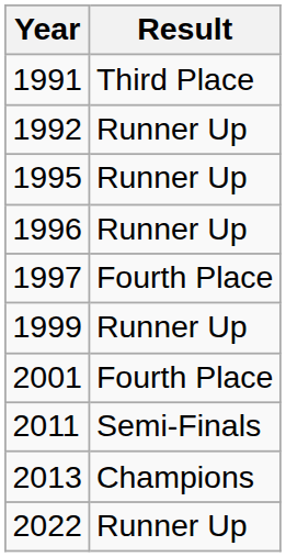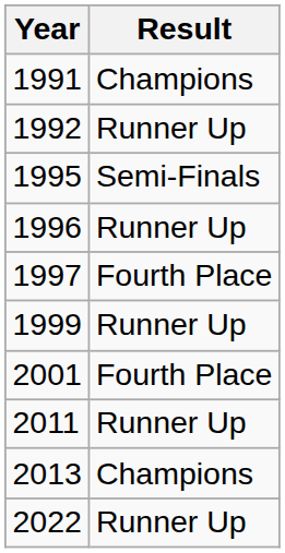 <table class="wikitable">
 <tr>
 <th>Year</th>
 <th>Result</th>
 </tr>
 <tr>
 <td>1991</td>
-<td>Third Place</td>
+<td>Champions</td>
 </tr>
 <tr>
 <td>1992</td>
 <td>Runner Up</td>
 </tr>
 <tr>
 <td>1995</td>
-<td>Runner Up</td>
+<td>Semi-Finals</td>
 </tr>
 <tr>
 <td>1996</td>
 <td>Runner Up</td>
 </tr>
 <tr>
 <td>1997</td>
 <td>Fourth Place</td>
 </tr>
 <tr>
 <td>1999</td>
 <td>Runner Up</td>
 </tr>
 <tr>
 <td>2001</td>
 <td>Fourth Place</td>
 </tr>
 <tr>
 <td>2011</td>
-<td>Semi-Finals</td>
+<td>Runner Up</td>
 </tr>
 <tr>
 <td>2013</td>
 <td>Champions</td>
 </tr>
 <tr>
 <td>2022</td>
 <td>Runner Up</td>
 </tr>
 </table>
